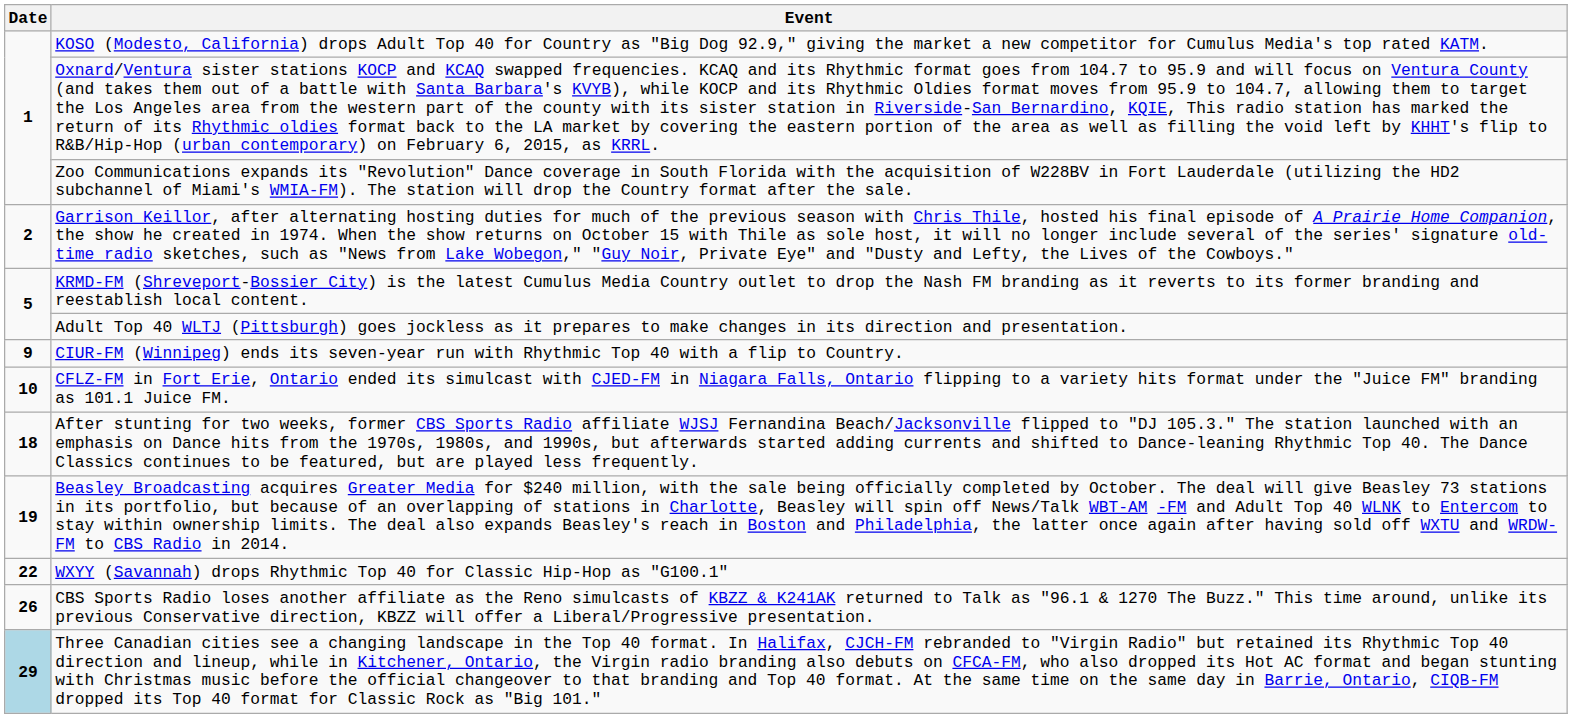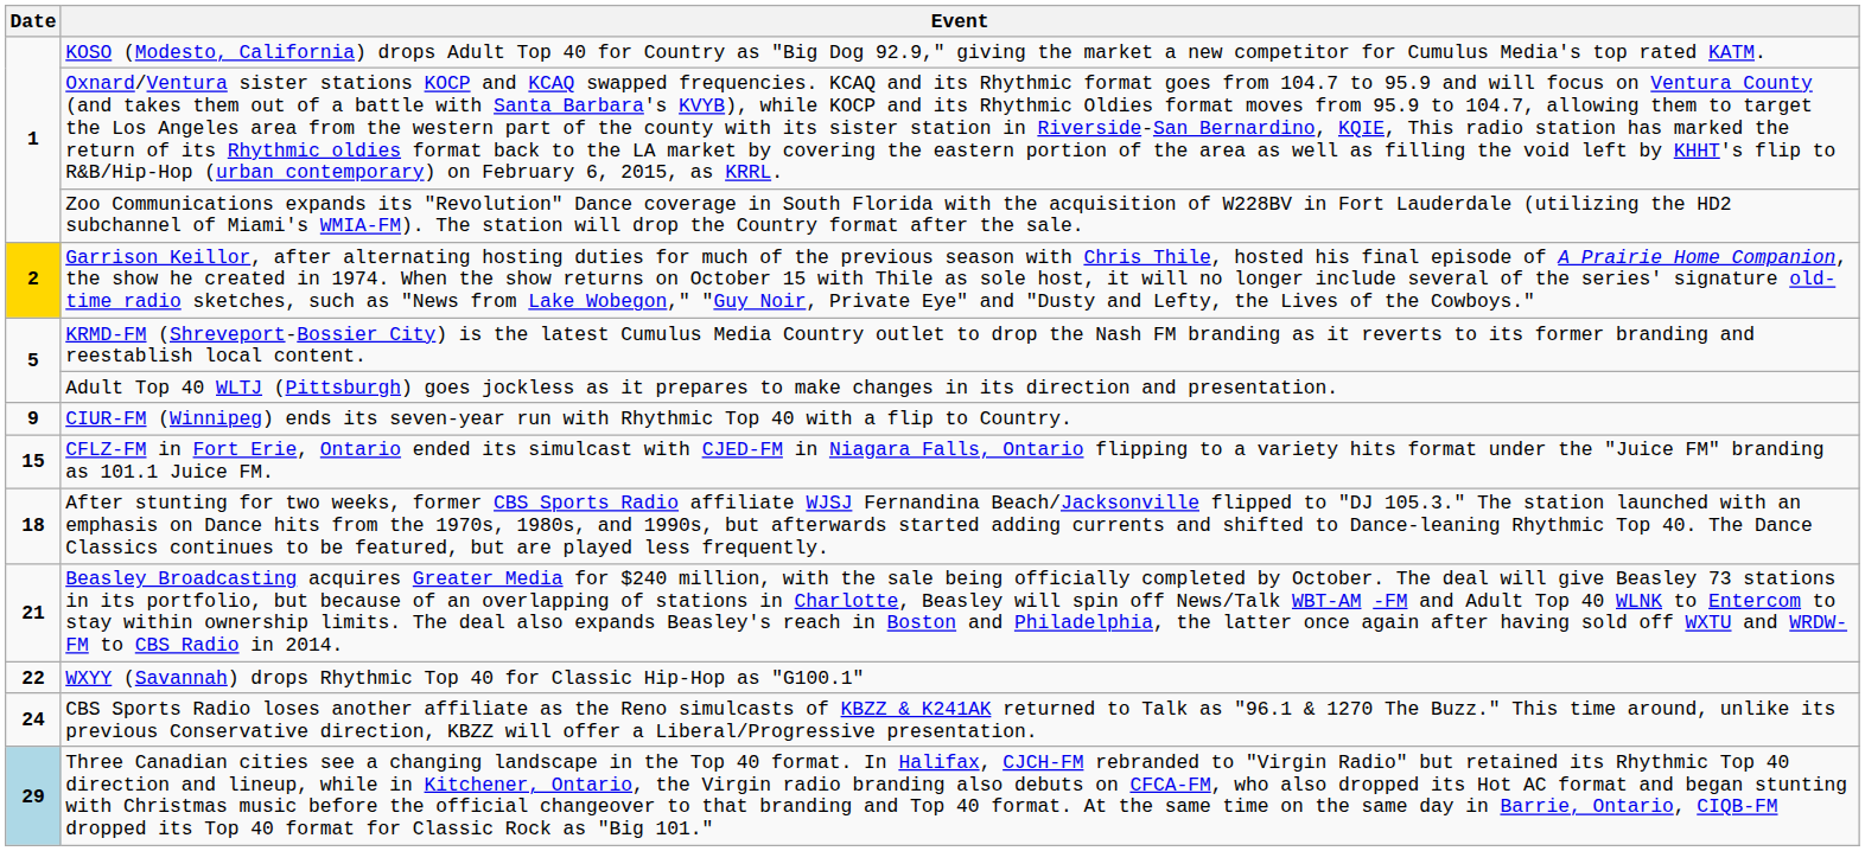 <table class="wikitable">
 <tr>
 <th>Date</th>
 <th>Event</th>
 </tr>
 <tr>
 <td style="text-align:center;" rowspan=3><strong>1</strong></td>
 <td><a href='#'>KOSO</a> (<a href='#'>Modesto, California</a>) drops Adult Top 40 for Country as "Big Dog 92.9," giving the market a new competitor for Cumulus Media's top rated <a href='#'>KATM</a>.</td>
 </tr>
 <tr>
 <td><a href='#'>Oxnard</a>/<a href='#'>Ventura</a> sister stations <a href='#'>KOCP</a> and <a href='#'>KCAQ</a> swapped frequencies. KCAQ and its Rhythmic format goes from 104.7 to 95.9 and will focus on <a href='#'>Ventura County</a> (and takes them out of a battle with <a href='#'>Santa Barbara</a>'s <a href='#'>KVYB</a>), while KOCP and its Rhythmic Oldies format moves from 95.9 to 104.7, allowing them to target the Los Angeles area from the western part of the county with its sister station in <a href='#'>Riverside</a>-<a href='#'>San Bernardino</a>, <a href='#'>KQIE</a>, This radio station has marked the return of its <a href='#'>Rhythmic oldies</a> format back to the LA market by covering the eastern portion of the area as well as filling the void left by <a href='#'>KHHT</a>'s flip to R&B/Hip-Hop (<a href='#'>urban contemporary</a>) on February 6, 2015, as <a href='#'>KRRL</a>.</td>
 </tr>
 <tr>
 <td>Zoo Communications expands its "Revolution" Dance coverage in South Florida with the acquisition of W228BV in Fort Lauderdale (utilizing the HD2 subchannel of Miami's <a href='#'>WMIA-FM</a>). The station will drop the Country format after the sale.</td>
 </tr>
 <tr>
-<td style="text-align:center;"><strong>2</strong></td>
+<td style="background: gold; text-align:center;"><strong>2</strong></td>
 <td><a href='#'>Garrison Keillor</a>, after alternating hosting duties for much of the previous season with <a href='#'>Chris Thile</a>, hosted his final episode of <em><a href='#'>A Prairie Home Companion</a></em>, the show he created in 1974. When the show returns on October 15 with Thile as sole host, it will no longer include several of the series' signature <a href='#'>old-time radio</a> sketches, such as "News from <a href='#'>Lake Wobegon</a>," "<a href='#'>Guy Noir</a>, Private Eye" and "Dusty and Lefty, the Lives of the Cowboys."</td>
 </tr>
 <tr>
 <td style="text-align:center;" rowspan=2><strong>5</strong></td>
 <td><a href='#'>KRMD-FM</a> (<a href='#'>Shreveport</a>-<a href='#'>Bossier City</a>) is the latest Cumulus Media Country outlet to drop the Nash FM branding as it reverts to its former branding and reestablish local content.</td>
 </tr>
 <tr>
 <td>Adult Top 40 <a href='#'>WLTJ</a> (<a href='#'>Pittsburgh</a>) goes jockless as it prepares to make changes in its direction and presentation.</td>
 </tr>
 <tr>
 <td style="text-align:center;"><strong>9</strong></td>
 <td><a href='#'>CIUR-FM</a> (<a href='#'>Winnipeg</a>) ends its seven-year run with Rhythmic Top 40 with a flip to Country.</td>
 </tr>
 <tr>
-<td style="text-align: center;"><strong>10</strong></td>
+<td style="text-align: center;"><strong>15</strong></td>
 <td><a href='#'>CFLZ-FM</a> in <a href='#'>Fort Erie</a>, <a href='#'>Ontario</a> ended its simulcast with <a href='#'>CJED-FM</a> in <a href='#'>Niagara Falls, Ontario</a> flipping to a variety hits format under the "Juice FM" branding as 101.1 Juice FM.</td>
 </tr>
 <tr>
 <td style="text-align: center;"><strong>18</strong></td>
 <td>After stunting for two weeks, former <a href='#'>CBS Sports Radio</a> affiliate <a href='#'>WJSJ</a> Fernandina Beach/<a href='#'>Jacksonville</a> flipped to "DJ 105.3." The station launched with an emphasis on Dance hits from the 1970s, 1980s, and 1990s, but afterwards started adding currents and shifted to Dance-leaning Rhythmic Top 40. The Dance Classics continues to be featured, but are played less frequently.</td>
 </tr>
 <tr>
-<td style="text-align:center;"><strong>19</strong></td>
+<td style="text-align:center;"><strong>21</strong></td>
 <td><a href='#'>Beasley Broadcasting</a> acquires <a href='#'>Greater Media</a> for $240 million, with the sale being officially completed by October. The deal will give Beasley 73 stations in its portfolio, but because of an overlapping of stations in <a href='#'>Charlotte</a>, Beasley will spin off News/Talk <a href='#'>WBT-AM</a> <a href='#'>-FM</a> and Adult Top 40 <a href='#'>WLNK</a> to <a href='#'>Entercom</a> to stay within ownership limits. The deal also expands Beasley's reach in <a href='#'>Boston</a> and <a href='#'>Philadelphia</a>, the latter once again after having sold off <a href='#'>WXTU</a> and <a href='#'>WRDW-FM</a> to <a href='#'>CBS Radio</a> in 2014.</td>
 </tr>
 <tr>
 <td style="text-align: center;"><strong>22</strong></td>
 <td><a href='#'>WXYY</a> (<a href='#'>Savannah</a>) drops Rhythmic Top 40 for Classic Hip-Hop as "G100.1"</td>
 </tr>
 <tr>
-<td style="text-align: center;"><strong>26</strong></td>
+<td style="text-align: center;"><strong>24</strong></td>
 <td>CBS Sports Radio loses another affiliate as the Reno simulcasts of <a href='#'>KBZZ & K241AK</a> returned to Talk as "96.1 & 1270 The Buzz." This time around, unlike its previous Conservative direction, KBZZ will offer a Liberal/Progressive presentation.</td>
 </tr>
 <tr>
 <td style="background: lightblue; text-align: center;"><strong>29</strong></td>
 <td>Three Canadian cities see a changing landscape in the Top 40 format. In <a href='#'>Halifax</a>, <a href='#'>CJCH-FM</a> rebranded to "Virgin Radio" but retained its Rhythmic Top 40 direction and lineup, while in <a href='#'>Kitchener, Ontario</a>, the Virgin radio branding also debuts on <a href='#'>CFCA-FM</a>, who also dropped its Hot AC format and began stunting with Christmas music before the official changeover to that branding and Top 40 format. At the same time on the same day in <a href='#'>Barrie, Ontario</a>, <a href='#'>CIQB-FM</a> dropped its Top 40 format for Classic Rock as "Big 101."</td>
 </tr>
 </table>
